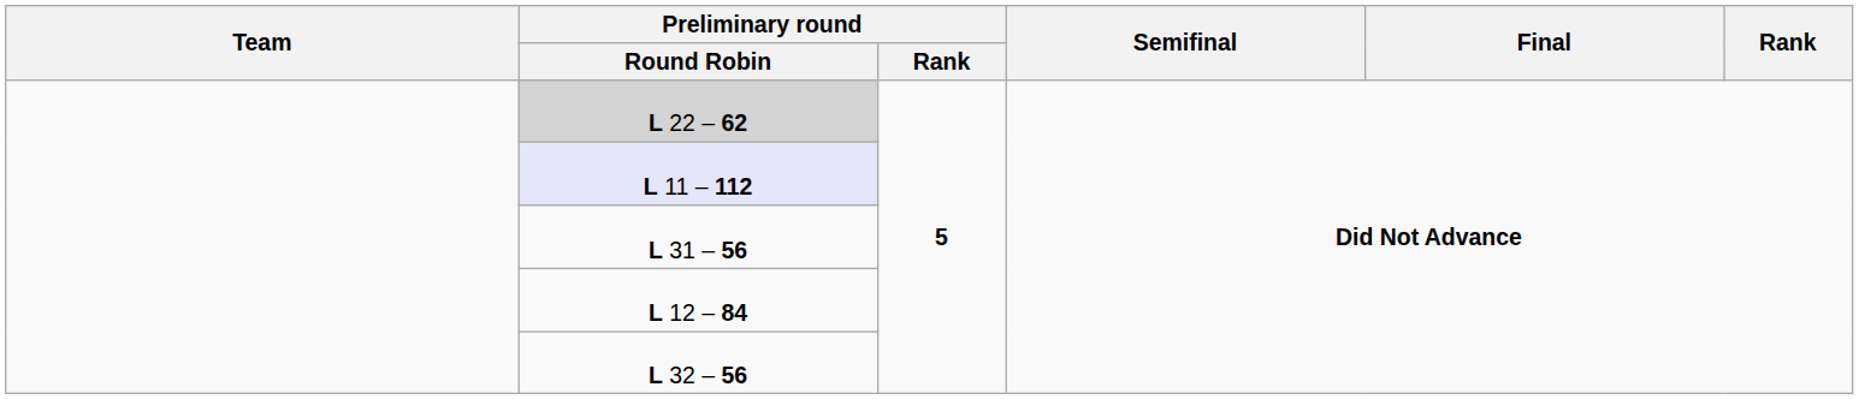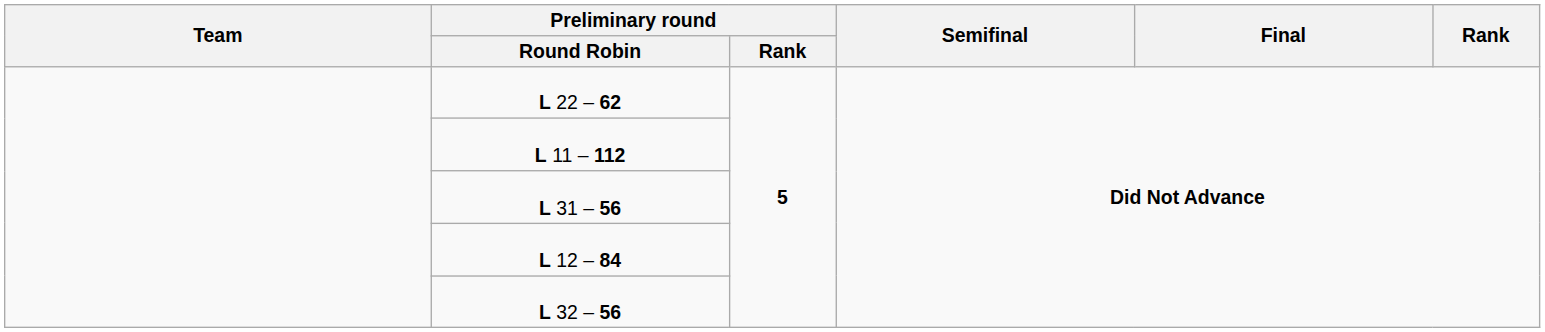 <table class="wikitable" width="90%" style="text-align:left; font-size:90%">
 <tr>
 <th rowspan="2" width="20%">Team</th>
 <th colspan="2">Preliminary round</th>
 <th rowspan="2" width="14%">Semifinal</th>
 <th rowspan="2" width="14%">Final</th>
 <th rowspan="2" width="5%">Rank</th>
 </tr>
 <tr>
 <th width="14%">Round Robin</th>
 <th width="5%">Rank</th>
 </tr>
 <tr>
 <td rowspan="5"></td>
-<td align=center style="background: lightgrey;"><br><strong>L</strong> 22 – <strong>62</strong></td>
+<td align=center><br><strong>L</strong> 22 – <strong>62</strong></td>
 <td rowspan=5 align=center><strong>5</strong></td>
 <td rowspan=5 colspan=3 align=center><strong>Did Not Advance</strong></td>
 </tr>
 <tr>
-<td align=center style="background: lavender;"><br><strong>L</strong> 11 – <strong>112</strong></td>
+<td align=center><br><strong>L</strong> 11 – <strong>112</strong></td>
 </tr>
 <tr>
 <td align=center><br><strong>L</strong> 31 – <strong>56</strong></td>
 </tr>
 <tr>
 <td align=center><br><strong>L</strong> 12 – <strong>84</strong></td>
 </tr>
 <tr>
 <td align=center><br><strong>L</strong> 32 – <strong>56</strong></td>
 </tr>
 </table>
